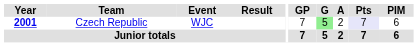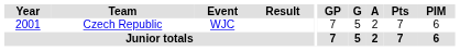 <table border="0" cellpadding="1" cellspacing="0" ID="Table3" style="text-align:center; width:40em">
 <tr ALIGN="center" bgcolor="#e0e0e0">
 <th>Year</th>
 <th>Team</th>
 <th>Event</th>
 <th>Result</th>
 <th rowspan="99" bgcolor="#ffffff"></th>
 <th>GP</th>
 <th>G</th>
 <th>A</th>
 <th>Pts</th>
 <th>PIM</th>
 </tr>
 <tr>
-<td><strong><a href='#'>2001</a></strong></td>
+<td><a href='#'>2001</a></td>
 <td><a href='#'>Czech Republic</a></td>
 <td><a href='#'>WJC</a></td>
 <td></td>
 <td>7</td>
-<td style="background: lightgreen;">5</td>
+<td>5</td>
 <td>2</td>
-<td style="background: lavender;">7</td>
+<td>7</td>
 <td>6</td>
 </tr>
 <tr bgcolor="#e0e0e0">
 <th colspan="4">Junior totals</th>
 <th>7</th>
 <th>5</th>
 <th>2</th>
 <th>7</th>
 <th>6</th>
 </tr>
 </table>
